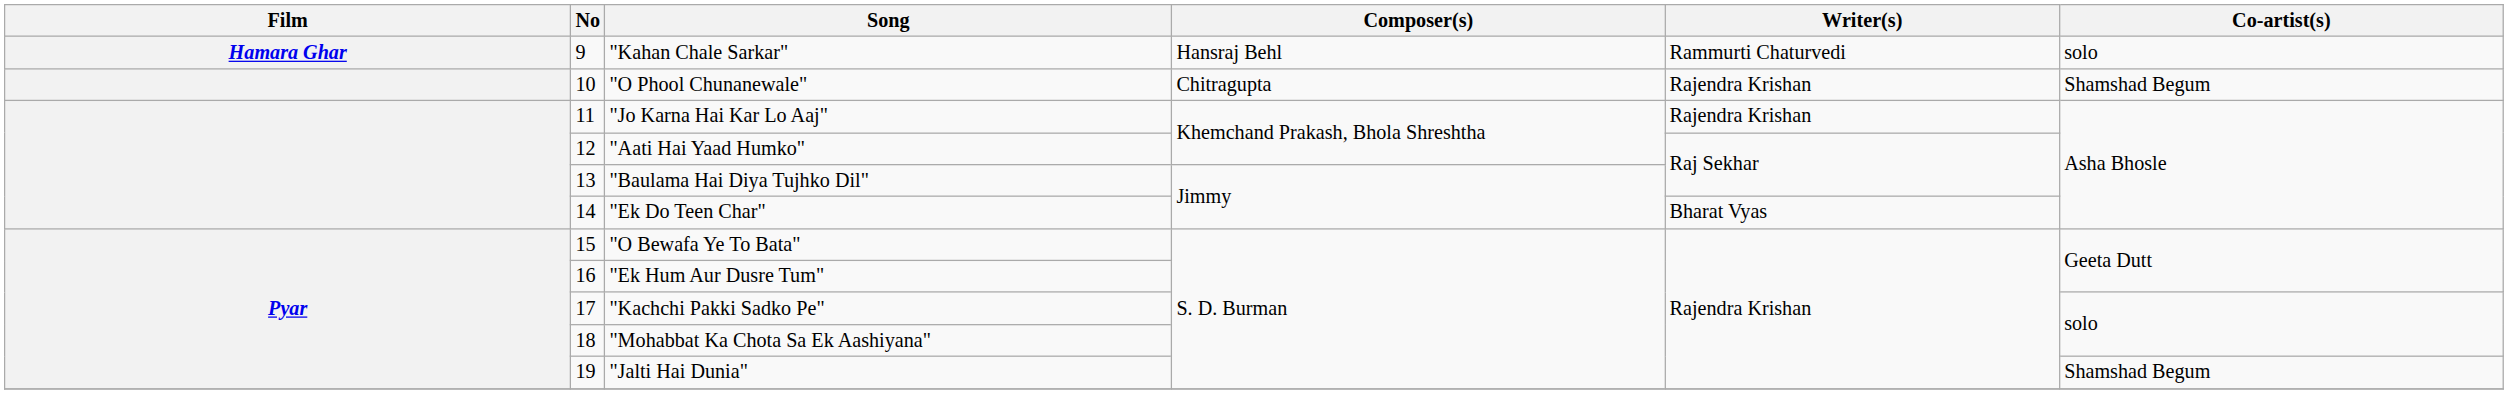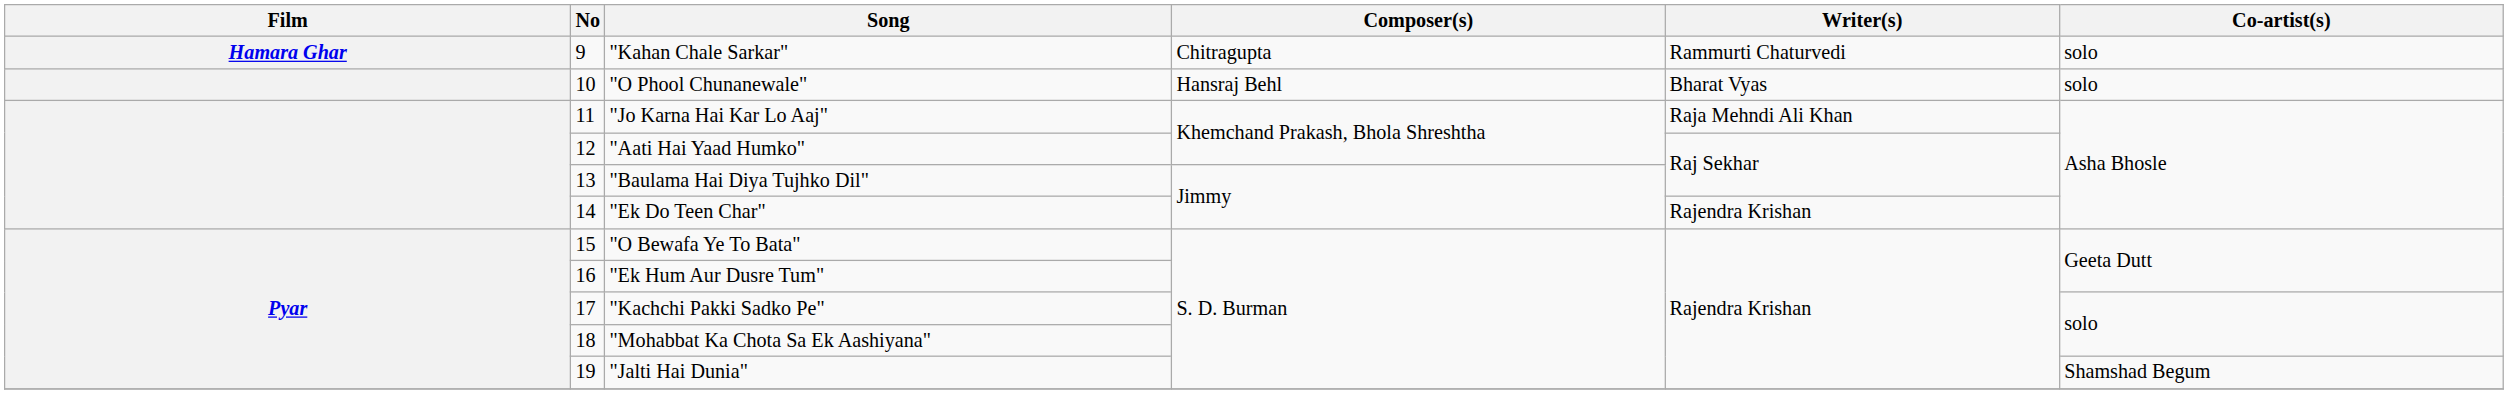 <table class="wikitable plainrowheaders" width="100%" textcolor:#000;">
 <tr style="background:#b0e0e66;">
 <th scope="col" width=23%><strong>Film</strong></th>
 <th><strong>No</strong></th>
 <th scope="col" width=23%><strong>Song</strong></th>
 <th scope="col" width=20%><strong>Composer(s)</strong></th>
 <th scope="col" width=16%><strong>Writer(s)</strong></th>
 <th scope="col" width=18%><strong>Co-artist(s)</strong></th>
 </tr>
 <tr>
 <th rowspan=1><em><a href='#'>Hamara Ghar</a></em></th>
 <td>9</td>
 <td>"Kahan Chale Sarkar"</td>
-<td>Hansraj Behl</td>
+<td>Chitragupta</td>
 <td>Rammurti Chaturvedi</td>
 <td>solo</td>
 </tr>
 <tr>
 <th><em></em></th>
 <td>10</td>
 <td>"O Phool Chunanewale"</td>
-<td>Chitragupta</td>
-<td>Rajendra Krishan</td>
-<td>Shamshad Begum</td>
+<td>Hansraj Behl</td>
+<td>Bharat Vyas</td>
+<td>solo</td>
 </tr>
 <tr>
 <th rowspan=4><em></em></th>
 <td>11</td>
 <td>"Jo Karna Hai Kar Lo Aaj"</td>
 <td rowspan=2>Khemchand Prakash, Bhola Shreshtha</td>
-<td>Rajendra Krishan</td>
+<td>Raja Mehndi Ali Khan</td>
 <td rowspan=4>Asha Bhosle</td>
 </tr>
 <tr>
 <td>12</td>
 <td>"Aati Hai Yaad Humko"</td>
 <td rowspan=2>Raj Sekhar</td>
 </tr>
 <tr>
 <td>13</td>
 <td>"Baulama Hai Diya Tujhko Dil"</td>
 <td rowspan=2>Jimmy</td>
 </tr>
 <tr>
 <td>14</td>
 <td>"Ek Do Teen Char"</td>
-<td>Bharat Vyas</td>
+<td>Rajendra Krishan</td>
 </tr>
 <tr>
 <th rowspan=5><em><a href='#'>Pyar</a></em></th>
 <td>15</td>
 <td>"O Bewafa Ye To Bata"</td>
 <td rowspan=5>S. D. Burman</td>
 <td rowspan=5>Rajendra Krishan</td>
 <td rowspan=2>Geeta Dutt</td>
 </tr>
 <tr>
 <td>16</td>
 <td>"Ek Hum Aur Dusre Tum"</td>
 </tr>
 <tr>
 <td>17</td>
 <td>"Kachchi Pakki Sadko Pe"</td>
 <td rowspan=2>solo</td>
 </tr>
 <tr>
 <td>18</td>
 <td>"Mohabbat Ka Chota Sa Ek Aashiyana"</td>
 </tr>
 <tr>
 <td>19</td>
 <td>"Jalti Hai Dunia"</td>
 <td>Shamshad Begum</td>
 </tr>
 <tr>
 </tr>
 </table>
